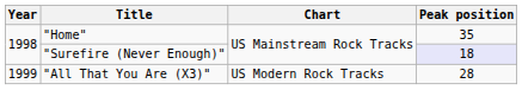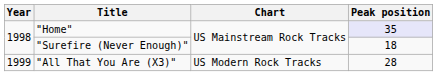 <table class="wikitable">
 <tr>
 <th>Year</th>
 <th>Title</th>
 <th>Chart</th>
 <th>Peak position</th>
 </tr>
 <tr>
 <td rowspan=2 align="center">1998</td>
 <td>"Home"</td>
 <td rowspan="2">US Mainstream Rock Tracks</td>
-<td align="center">35</td>
+<td align="center" style="background: lavender;">35</td>
 </tr>
 <tr>
 <td>"Surefire (Never Enough)"</td>
-<td align="center" style="background: lavender;">18</td>
+<td align="center">18</td>
 </tr>
 <tr>
 <td>1999</td>
 <td>"All That You Are (X3)"</td>
 <td>US Modern Rock Tracks</td>
 <td align="center">28</td>
 </tr>
 </table>
